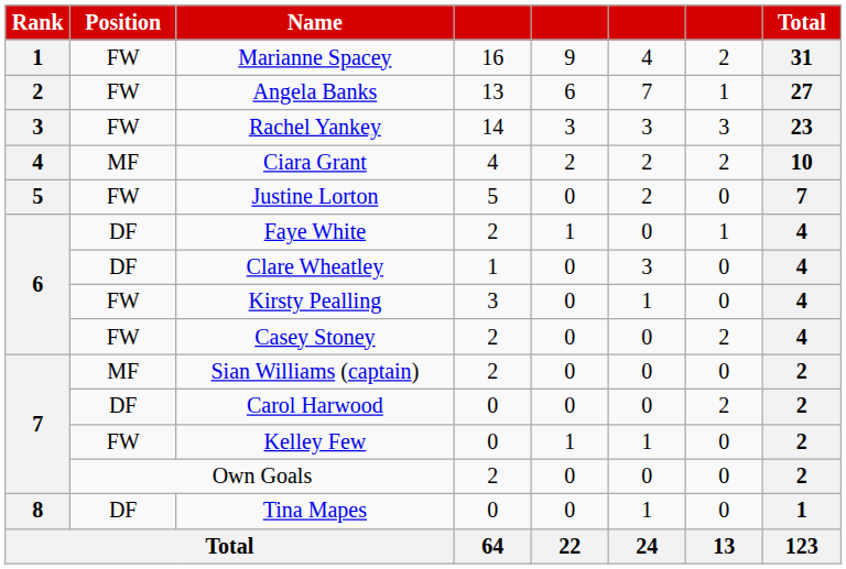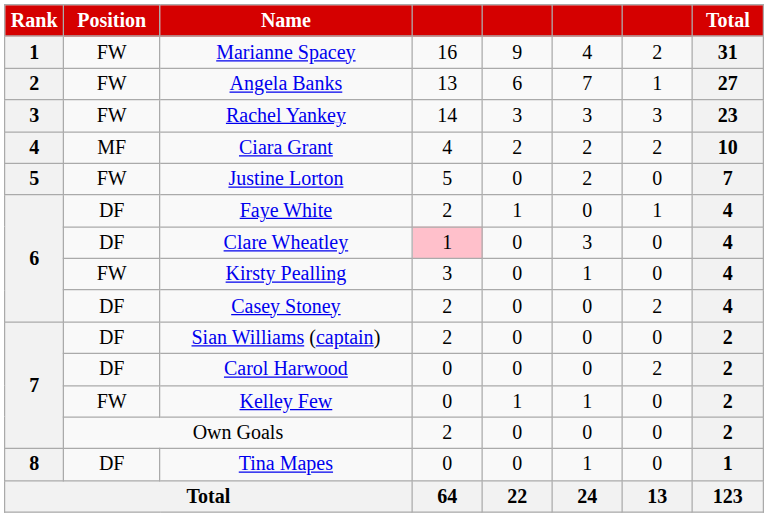 <table class="wikitable" style="text-align:center; font-size:100%; ">
 <tr>
 <th style="background:#d50000; color:white; text-align:center; width:40px">Rank</th>
 <th style="background:#d50000; color:white; text-align:center; width:70px">Position</th>
 <th style="background:#d50000; color:white; text-align:center; width:200px">Name</th>
 <th style="background:#d50000; color:white; text-align:center; width:50px;"></th>
 <th style="background:#d50000; color:white; text-align:center; width:50px;"></th>
 <th style="background:#d50000; color:white; text-align:center; width:50px;"></th>
 <th style="background:#d50000; color:white; text-align:center; width:50px;"></th>
 <th style="background:#d50000; color:white; text-align:center; width:50px;">Total</th>
 </tr>
 <tr>
 <th>1</th>
 <td>FW</td>
 <td> <a href='#'>Marianne Spacey</a></td>
 <td>16</td>
 <td>9</td>
 <td>4</td>
 <td>2</td>
 <th>31</th>
 </tr>
 <tr>
 <th>2</th>
 <td>FW</td>
 <td> <a href='#'>Angela Banks</a></td>
 <td>13</td>
 <td>6</td>
 <td>7</td>
 <td>1</td>
 <th>27</th>
 </tr>
 <tr>
 <th>3</th>
 <td>FW</td>
 <td> <a href='#'>Rachel Yankey</a></td>
 <td>14</td>
 <td>3</td>
 <td>3</td>
 <td>3</td>
 <th>23</th>
 </tr>
 <tr>
 <th>4</th>
 <td>MF</td>
 <td> <a href='#'>Ciara Grant</a></td>
 <td>4</td>
 <td>2</td>
 <td>2</td>
 <td>2</td>
 <th>10</th>
 </tr>
 <tr>
 <th>5</th>
 <td>FW</td>
 <td> <a href='#'>Justine Lorton</a></td>
 <td>5</td>
 <td>0</td>
 <td>2</td>
 <td>0</td>
 <th>7</th>
 </tr>
 <tr>
 <th rowspan="4">6</th>
 <td>DF</td>
 <td> <a href='#'>Faye White</a></td>
 <td>2</td>
 <td>1</td>
 <td>0</td>
 <td>1</td>
 <th>4</th>
 </tr>
 <tr>
 <td>DF</td>
 <td> <a href='#'>Clare Wheatley</a></td>
-<td>1</td>
+<td style="background: pink;">1</td>
 <td>0</td>
 <td>3</td>
 <td>0</td>
 <th>4</th>
 </tr>
 <tr>
 <td>FW</td>
 <td> <a href='#'>Kirsty Pealling</a></td>
 <td>3</td>
 <td>0</td>
 <td>1</td>
 <td>0</td>
 <th>4</th>
 </tr>
 <tr>
-<td>FW</td>
+<td>DF</td>
 <td> <a href='#'>Casey Stoney</a></td>
 <td>2</td>
 <td>0</td>
 <td>0</td>
 <td>2</td>
 <th>4</th>
 </tr>
 <tr>
 <th rowspan="4">7</th>
-<td>MF</td>
+<td>DF</td>
 <td> <a href='#'>Sian Williams</a> (<a href='#'>captain</a>)</td>
 <td>2</td>
 <td>0</td>
 <td>0</td>
 <td>0</td>
 <th>2</th>
 </tr>
 <tr>
 <td>DF</td>
 <td> <a href='#'>Carol Harwood</a></td>
 <td>0</td>
 <td>0</td>
 <td>0</td>
 <td>2</td>
 <th>2</th>
 </tr>
 <tr>
 <td>FW</td>
 <td> <a href='#'>Kelley Few</a></td>
 <td>0</td>
 <td>1</td>
 <td>1</td>
 <td>0</td>
 <th>2</th>
 </tr>
 <tr>
 <td colspan="2">Own Goals</td>
 <td>2</td>
 <td>0</td>
 <td>0</td>
 <td>0</td>
 <th>2</th>
 </tr>
 <tr>
 <th>8</th>
 <td>DF</td>
 <td> <a href='#'>Tina Mapes</a></td>
 <td>0</td>
 <td>0</td>
 <td>1</td>
 <td>0</td>
 <th>1</th>
 </tr>
 <tr>
 <th colspan="3">Total</th>
 <th>64</th>
 <th>22</th>
 <th>24</th>
 <th>13</th>
 <th>123</th>
 </tr>
 </table>
